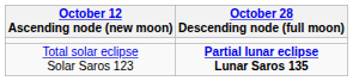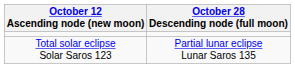 <table class="wikitable">
 <tr>
 <th><a href='#'>October 12</a><br>Ascending node (new moon)</th>
 <th><a href='#'>October 28</a><br>Descending node (full moon)</th>
 </tr>
 <tr>
 <td></td>
 <td></td>
 </tr>
 <tr align=center>
 <td><a href='#'>Total solar eclipse</a><br>Solar Saros 123</td>
-<td><strong><a href='#'>Partial lunar eclipse</a><br>Lunar Saros 135</strong></td>
+<td><a href='#'>Partial lunar eclipse</a><br>Lunar Saros 135</td>
 </tr>
 </table>
